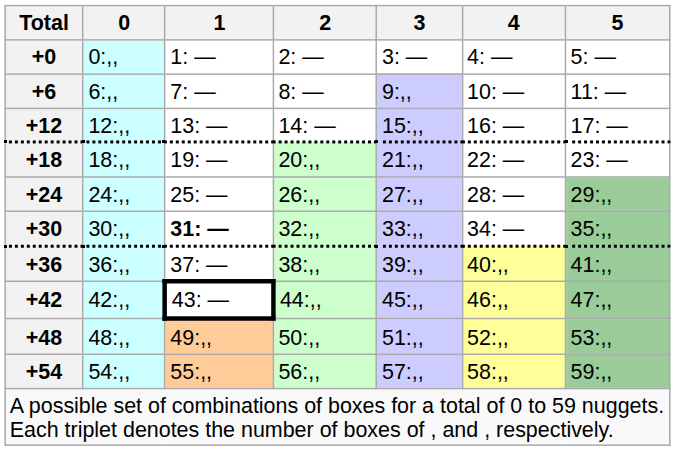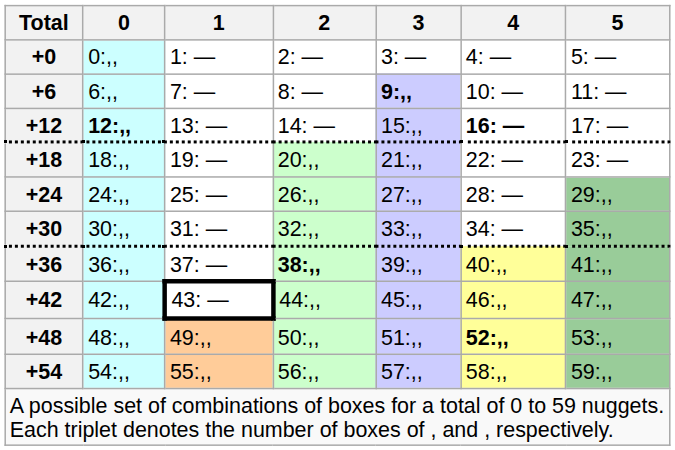 <table class="wikitable" style="float:right;clear:right;margin-left:1ex;font-size:90%;">
 <tr>
 <th style="padding:0;">Total</th>
 <th>0</th>
 <th>1</th>
 <th>2</th>
 <th>3</th>
 <th>4</th>
 <th>5</th>
 </tr>
 <tr>
 <th>+0</th>
 <td bgcolor="#ccffff">0:,,</td>
 <td bgcolor="#ffffff">1: —</td>
 <td bgcolor="#ffffff">2: —</td>
 <td bgcolor="#ffffff">3: —</td>
 <td bgcolor="#ffffff">4: —</td>
 <td bgcolor="#ffffff">5: —</td>
 </tr>
 <tr>
 <th>+6</th>
 <td bgcolor="#ccffff">6:,,</td>
 <td bgcolor="#ffffff">7: —</td>
 <td bgcolor="#ffffff">8: —</td>
-<td bgcolor="#ccccff">9:,,</td>
+<td bgcolor="#ccccff"><strong>9:,,</strong></td>
 <td bgcolor="#ffffff">10: —</td>
 <td bgcolor="#ffffff">11: —</td>
 </tr>
 <tr>
 <th>+12</th>
-<td bgcolor="#ccffff">12:,,</td>
+<td bgcolor="#ccffff"><strong>12:,,</strong></td>
 <td bgcolor="#ffffff">13: —</td>
 <td bgcolor="#ffffff">14: —</td>
 <td bgcolor="#ccccff">15:,,</td>
-<td bgcolor="#ffffff">16: —</td>
+<td bgcolor="#ffffff"><strong>16: —</strong></td>
 <td bgcolor="#ffffff">17: —</td>
 </tr>
 <tr style="border-top:2px dotted;">
 <th>+18</th>
 <td bgcolor="#ccffff">18:,,</td>
 <td bgcolor="#ffffff">19: —</td>
 <td bgcolor="#ccffcc">20:,,</td>
 <td bgcolor="#ccccff">21:,,</td>
 <td bgcolor="#ffffff">22: —</td>
 <td bgcolor="#ffffff">23: —</td>
 </tr>
 <tr>
 <th>+24</th>
 <td bgcolor="#ccffff">24:,,</td>
 <td bgcolor="#ffffff">25: —</td>
 <td bgcolor="#ccffcc">26:,,</td>
 <td bgcolor="#ccccff">27:,,</td>
 <td bgcolor="#ffffff">28: —</td>
 <td bgcolor="#99cc99">29:,,</td>
 </tr>
 <tr>
 <th>+30</th>
 <td bgcolor="#ccffff">30:,,</td>
-<td bgcolor="#ffffff"><strong>31: —</strong></td>
+<td bgcolor="#ffffff">31: —</td>
 <td bgcolor="#ccffcc">32:,,</td>
 <td bgcolor="#ccccff">33:,,</td>
 <td bgcolor="#ffffff">34: —</td>
 <td bgcolor="#99cc99">35:,,</td>
 </tr>
 <tr style="border-top:2px dotted;">
 <th>+36</th>
 <td bgcolor="#ccffff">36:,,</td>
 <td bgcolor="#ffffff">37: —</td>
-<td bgcolor="#ccffcc">38:,,</td>
+<td bgcolor="#ccffcc"><strong>38:,,</strong></td>
 <td bgcolor="#ccccff">39:,,</td>
 <td bgcolor="#ffff99">40:,,</td>
 <td bgcolor="#99cc99">41:,,</td>
 </tr>
 <tr>
 <th>+42</th>
 <td bgcolor="#ccffff">42:,,</td>
 <td bgcolor="#ffffff" style="border:solid;">43: —</td>
 <td bgcolor="#ccffcc">44:,,</td>
 <td bgcolor="#ccccff">45:,,</td>
 <td bgcolor="#ffff99">46:,,</td>
 <td bgcolor="#99cc99">47:,,</td>
 </tr>
 <tr>
 <th>+48</th>
 <td bgcolor="#ccffff">48:,,</td>
 <td bgcolor="#ffcc99">49:,,</td>
 <td bgcolor="#ccffcc">50:,,</td>
 <td bgcolor="#ccccff">51:,,</td>
-<td bgcolor="#ffff99">52:,,</td>
+<td bgcolor="#ffff99"><strong>52:,,</strong></td>
 <td bgcolor="#99cc99">53:,,</td>
 </tr>
 <tr>
 <th>+54</th>
 <td bgcolor="#ccffff">54:,,</td>
 <td bgcolor="#ffcc99">55:,,</td>
 <td bgcolor="#ccffcc">56:,,</td>
 <td bgcolor="#ccccff">57:,,</td>
 <td bgcolor="#ffff99">58:,,</td>
 <td bgcolor="#99cc99">59:,,</td>
 </tr>
 <tr>
 <td colspan="7">A possible set of combinations of boxes for a total of 0 to 59 nuggets.<br>Each triplet denotes the number of boxes of <strong></strong>, <strong></strong> and <strong></strong>, respectively.</td>
 </tr>
 </table>
